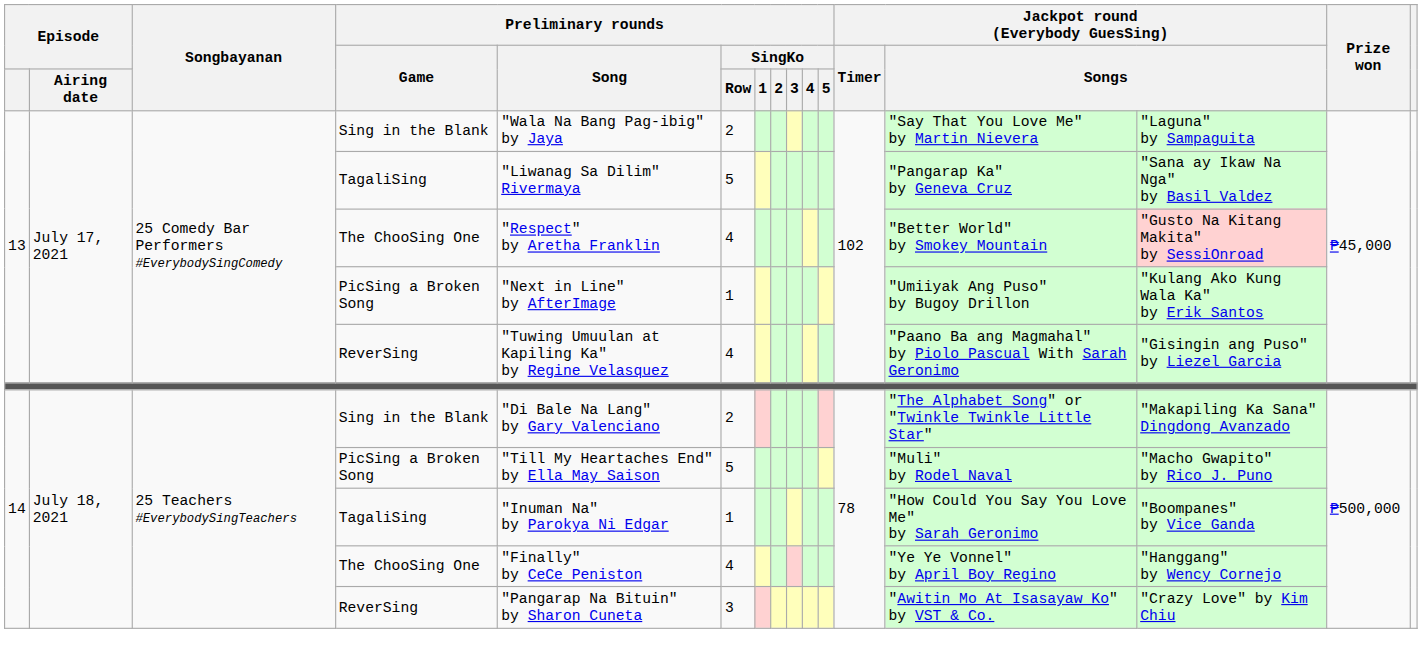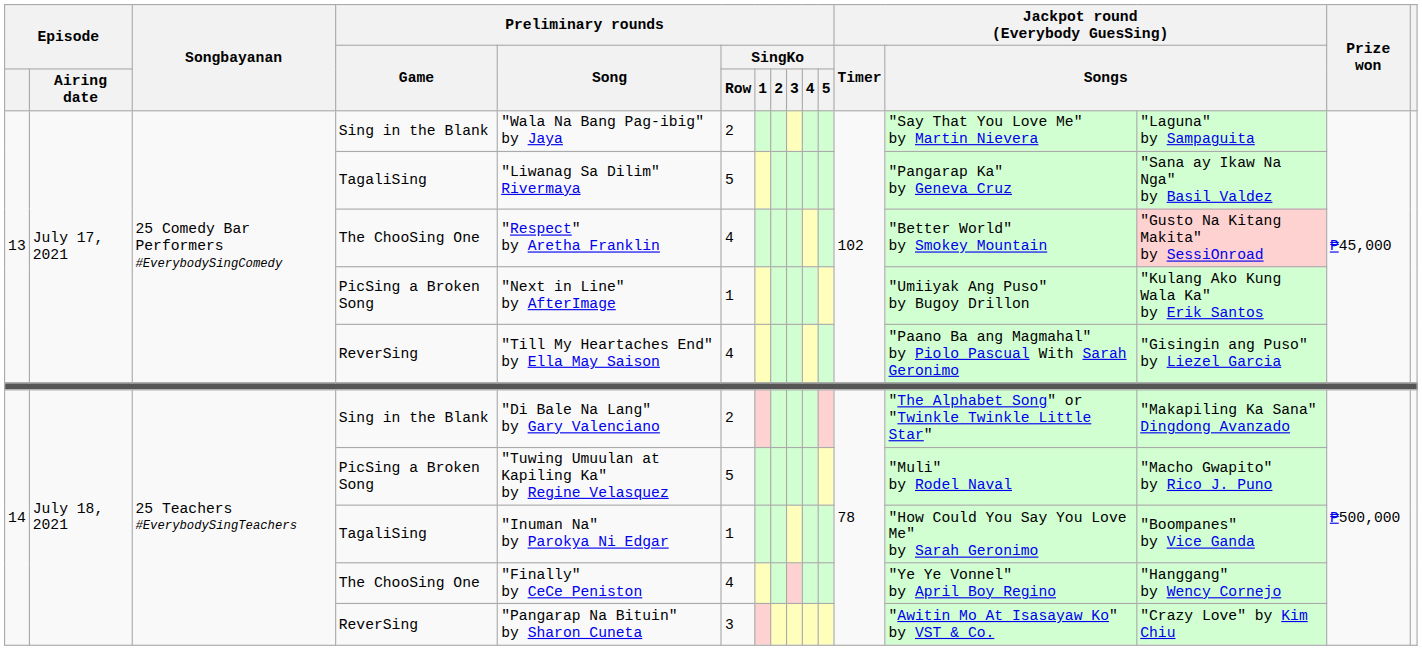 <table class="wikitable plainrowheaders mw-collapsible ">
 <tr>
 <th colspan="2" rowspan="2">Episode</th>
 <th rowspan="3">Songbayanan</th>
 <th colspan="8">Preliminary rounds</th>
 <th colspan="3">Jackpot round<br>(Everybody GuesSing)</th>
 <th rowspan="3">Prize won</th>
 <th rowspan="3"></th>
 </tr>
 <tr>
 <th rowspan="2">Game</th>
 <th rowspan="2">Song</th>
 <th colspan="6">SingKo</th>
 <th rowspan="2">Timer</th>
 <th colspan="2" rowspan="2">Songs</th>
 </tr>
 <tr>
 <th></th>
 <th>Airing date</th>
 <th>Row</th>
 <th>1</th>
 <th>2</th>
 <th>3</th>
 <th>4</th>
 <th>5</th>
 </tr>
 <tr>
 <td rowspan="5">13</td>
 <td rowspan="5">July 17, 2021</td>
 <td rowspan="5">25 Comedy Bar Performers<br><small><em>#EverybodySingComedy</em></small></td>
 <td>Sing in the Blank</td>
 <td>"Wala Na Bang Pag-ibig"<br>by <a href='#'>Jaya</a></td>
 <td>2</td>
 <td style="background:#D2FFD2"></td>
 <td style="background:#D2FFD2"></td>
 <td style="background:#FFB"></td>
 <td style="background:#D2FFD2"></td>
 <td style="background:#D2FFD2"></td>
 <td rowspan="5">102 </td>
 <td style="background:#D2FFD2">"Say That You Love Me"<br>by <a href='#'>Martin Nievera</a></td>
 <td style="background:#D2FFD2">"Laguna"<br>by <a href='#'>Sampaguita</a></td>
 <td rowspan="5"><a href='#'>₱</a>45,000</td>
 <td rowspan="5"><br></td>
 </tr>
 <tr>
 <td>TagaliSing</td>
 <td>"Liwanag Sa Dilim"<br><a href='#'>Rivermaya</a></td>
 <td>5</td>
 <td style="background:#FFB"></td>
 <td style="background:#D2FFD2"></td>
 <td style="background:#D2FFD2"></td>
 <td style="background:#D2FFD2"></td>
 <td style="background:#D2FFD2"></td>
 <td style="background:#D2FFD2">"Pangarap Ka"<br>by <a href='#'>Geneva Cruz</a></td>
 <td style="background:#D2FFD2">"Sana ay Ikaw Na Nga"<br>by <a href='#'>Basil Valdez</a></td>
 </tr>
 <tr>
 <td>The ChooSing One</td>
 <td>"<a href='#'>Respect</a>"<br>by <a href='#'>Aretha Franklin</a></td>
 <td>4</td>
 <td style="background:#D2FFD2"></td>
 <td style="background:#D2FFD2"></td>
 <td style="background:#D2FFD2"></td>
 <td style="background:#FFB"></td>
 <td style="background:#D2FFD2"></td>
 <td style="background:#D2FFD2">"Better World"<br>by <a href='#'>Smokey Mountain</a></td>
 <td style="background:#FFD2D2">"Gusto Na Kitang Makita"<br>by <a href='#'>SessiOnroad</a></td>
 </tr>
 <tr>
 <td>PicSing a Broken Song</td>
 <td>"Next in Line"<br>by <a href='#'>AfterImage</a></td>
 <td>1</td>
 <td style="background:#FFB"></td>
 <td style="background:#D2FFD2"></td>
 <td style="background:#D2FFD2"></td>
 <td style="background:#D2FFD2"></td>
 <td style="background:#FFB"></td>
 <td style="background:#D2FFD2">"Umiiyak Ang Puso"<br>by Bugoy Drillon</td>
 <td style="background:#D2FFD2">"Kulang Ako Kung Wala Ka"<br>by <a href='#'>Erik Santos</a></td>
 </tr>
 <tr>
 <td>ReverSing</td>
-<td>"Tuwing Umuulan at Kapiling Ka"<br>by <a href='#'>Regine Velasquez</a></td>
+<td>"Till My Heartaches End"<br>by <a href='#'>Ella May Saison</a></td>
 <td>4</td>
 <td style="background:#FFB"></td>
 <td style="background:#D2FFD2"></td>
 <td style="background:#D2FFD2"></td>
 <td style="background:#FFB"></td>
 <td style="background:#D2FFD2"></td>
 <td style="background:#D2FFD2">"Paano Ba ang Magmahal"<br>by <a href='#'>Piolo Pascual</a> With <a href='#'>Sarah Geronimo</a></td>
 <td style="background:#D2FFD2">"Gisingin ang Puso"<br>by <a href='#'>Liezel Garcia</a></td>
 </tr>
 <tr>
 <th colspan="16" style="background:#555"></th>
 </tr>
 <tr>
 <td rowspan="5">14</td>
 <td rowspan="5">July 18, 2021</td>
 <td rowspan="5">25 Teachers<br><small><em>#EverybodySingTeachers</em></small></td>
 <td>Sing in the Blank</td>
 <td>"Di Bale Na Lang"<br>by <a href='#'>Gary Valenciano</a></td>
 <td>2</td>
 <td style="background:#FFD2D2"></td>
 <td style="background:#D2FFD2"></td>
 <td style="background:#D2FFD2"></td>
 <td style="background:#D2FFD2"></td>
 <td style="background:#FFD2D2"></td>
 <td rowspan="5">78 </td>
 <td style="background:#D2FFD2">"<a href='#'>The Alphabet Song</a>" or<br>"<a href='#'>Twinkle Twinkle Little Star</a>"</td>
 <td style="background:#D2FFD2">"Makapiling Ka Sana"<br><a href='#'>Dingdong Avanzado</a></td>
 <td rowspan="5"><a href='#'>₱</a>500,000</td>
 <td rowspan="5"><br></td>
 </tr>
 <tr>
 <td>PicSing a Broken Song</td>
-<td>"Till My Heartaches End"<br>by <a href='#'>Ella May Saison</a></td>
+<td>"Tuwing Umuulan at Kapiling Ka"<br>by <a href='#'>Regine Velasquez</a></td>
 <td>5</td>
 <td style="background:#D2FFD2"></td>
 <td style="background:#D2FFD2"></td>
 <td style="background:#D2FFD2"></td>
 <td style="background:#D2FFD2"></td>
 <td style="background:#FFB"></td>
 <td style="background:#D2FFD2">"Muli"<br>by <a href='#'>Rodel Naval</a></td>
 <td style="background:#D2FFD2">"Macho Gwapito"<br>by <a href='#'>Rico J. Puno</a></td>
 </tr>
 <tr>
 <td>TagaliSing</td>
 <td>"Inuman Na"<br>by <a href='#'>Parokya Ni Edgar</a></td>
 <td>1</td>
 <td style="background:#D2FFD2"></td>
 <td style="background:#D2FFD2"></td>
 <td style="background:#FFB"></td>
 <td style="background:#D2FFD2"></td>
 <td style="background:#D2FFD2"></td>
 <td style="background:#D2FFD2">"How Could You Say You Love Me"<br>by <a href='#'>Sarah Geronimo</a></td>
 <td style="background:#D2FFD2">"Boompanes"<br>by <a href='#'>Vice Ganda</a></td>
 </tr>
 <tr>
 <td>The ChooSing One</td>
 <td>"Finally"<br>by <a href='#'>CeCe Peniston</a></td>
 <td>4</td>
 <td style="background:#FFB"></td>
 <td style="background:#D2FFD2"></td>
 <td style="background:#FFD2D2"></td>
 <td style="background:#D2FFD2"></td>
 <td style="background:#D2FFD2"></td>
 <td style="background:#D2FFD2">"Ye Ye Vonnel"<br>by <a href='#'>April Boy Regino</a></td>
 <td style="background:#D2FFD2">"Hanggang"<br>by <a href='#'>Wency Cornejo</a></td>
 </tr>
 <tr>
 <td>ReverSing</td>
 <td>"Pangarap Na Bituin"<br>by <a href='#'>Sharon Cuneta</a></td>
 <td>3</td>
 <td style="background:#FFD2D2"></td>
 <td style="background:#FFB"></td>
 <td style="background:#FFB"></td>
 <td style="background:#FFB"></td>
 <td style="background:#FFB"></td>
 <td style="background:#D2FFD2">"<a href='#'>Awitin Mo At Isasayaw Ko</a>"<br>by <a href='#'>VST & Co.</a></td>
 <td style="background:#D2FFD2">"Crazy Love" by <a href='#'>Kim Chiu</a></td>
 </tr>
 </table>
